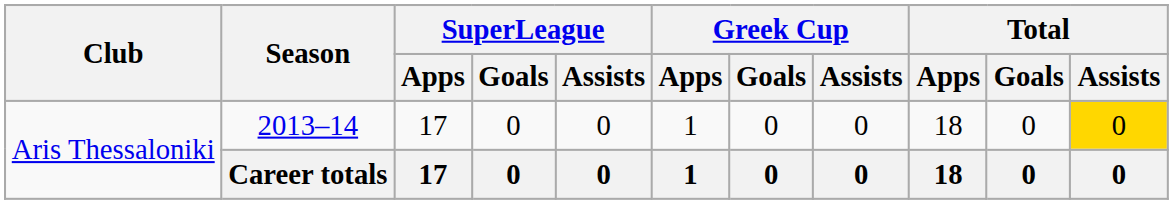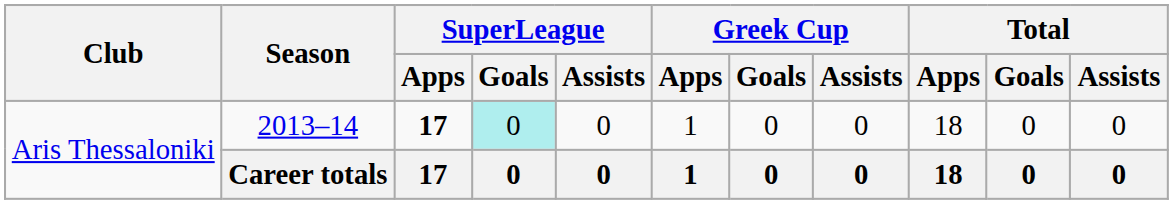 <table class="wikitable" style="font-size:88%; text-align: center">
 <tr>
 <th rowspan=2>Club</th>
 <th rowspan=2>Season</th>
 <th colspan=3><a href='#'>SuperLeague</a></th>
 <th colspan=3><a href='#'>Greek Cup</a></th>
 <th colspan=3>Total</th>
 </tr>
 <tr>
 <th>Apps</th>
 <th>Goals</th>
 <th>Assists</th>
 <th>Apps</th>
 <th>Goals</th>
 <th>Assists</th>
 <th>Apps</th>
 <th>Goals</th>
 <th>Assists</th>
 </tr>
 <tr>
 <td rowspan=7><a href='#'>Aris Thessaloniki</a></td>
 <td><a href='#'>2013–14</a></td>
-<td>17</td>
-<td>0</td>
+<td><strong>17</strong></td>
+<td style="background: paleturquoise;">0</td>
 <td>0</td>
 <td>1</td>
 <td>0</td>
 <td>0</td>
 <td>18</td>
 <td>0</td>
-<td style="background: gold;">0</td>
+<td>0</td>
 </tr>
 <tr>
 <th>Career totals</th>
 <th>17</th>
 <th>0</th>
 <th>0</th>
 <th>1</th>
 <th>0</th>
 <th>0</th>
 <th>18</th>
 <th>0</th>
 <th>0</th>
 </tr>
 </table>
